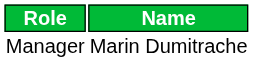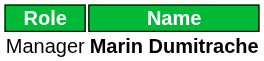 <table class="toccolours">
 <tr>
 <th style="background:#00ba37;color:#FFFFFF;border:1px solid #000000">Role</th>
 <th style="background:#00ba37;color:#FFFFFF;border:1px solid #000000">Name</th>
 </tr>
 <tr>
 <td>Manager</td>
-<td> Marin Dumitrache</td>
+<td><strong> Marin Dumitrache</strong></td>
 </tr>
 </table>
